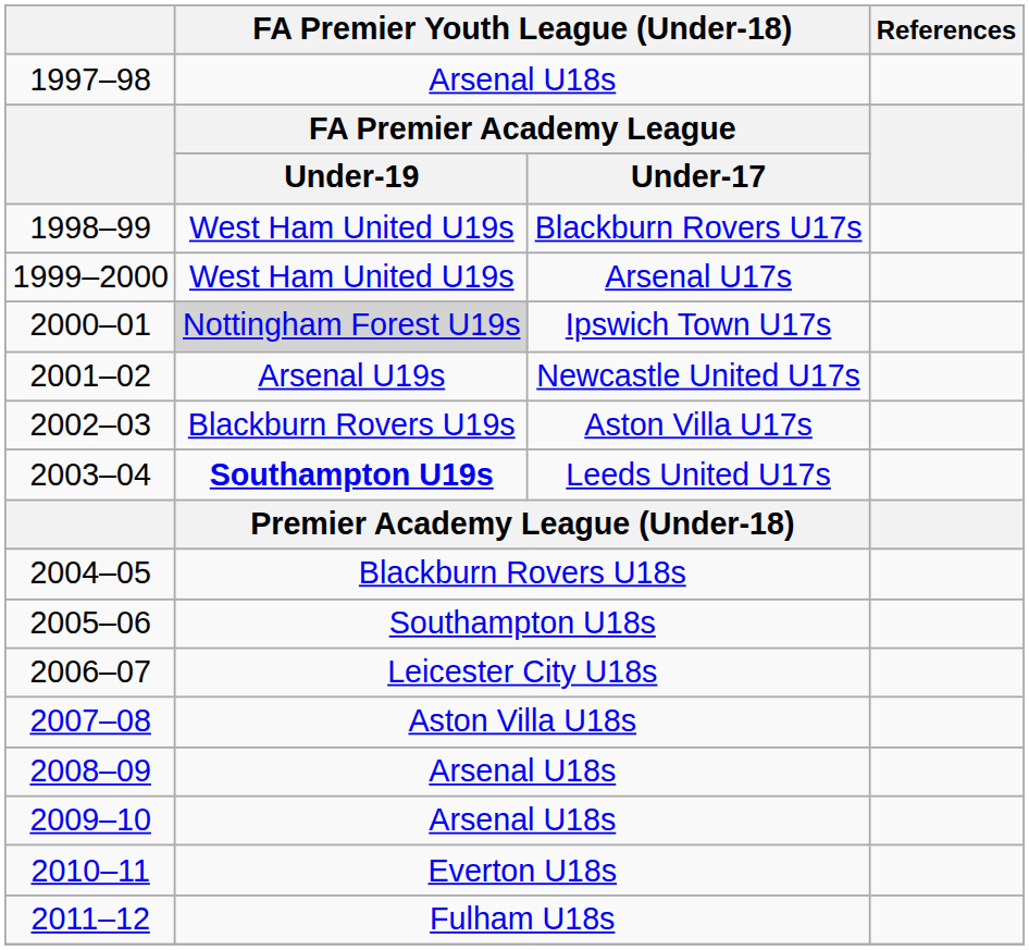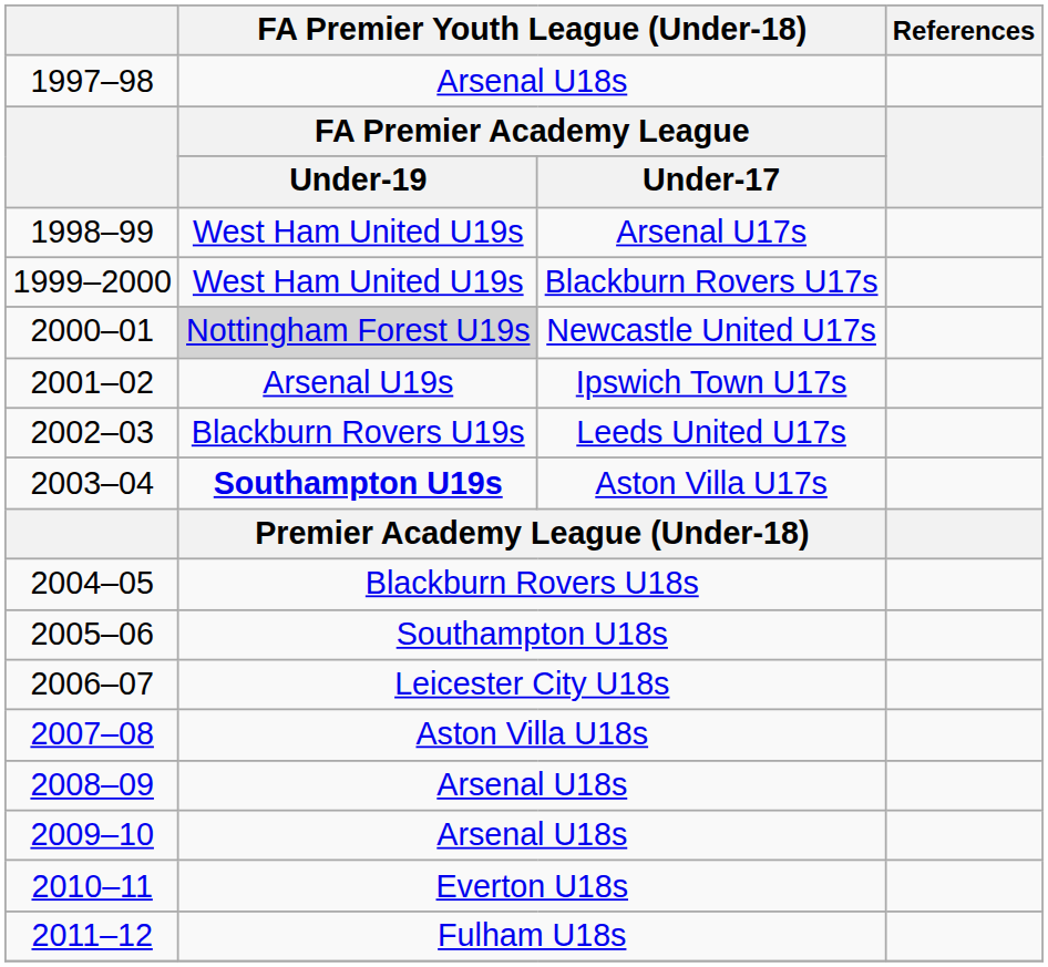 <table class="wikitable" style="text-align: center">
 <tr>
 <th> </th>
 <th colspan=2>FA Premier Youth League (Under-18)</th>
 <th><small>References</small></th>
 </tr>
 <tr>
 <td>1997–98</td>
 <td colspan=2><a href='#'>Arsenal U18s</a></td>
 <td></td>
 </tr>
 <tr>
 <th rowspan=2> </th>
 <th colspan=2>FA Premier Academy League</th>
 <th rowspan=2> </th>
 </tr>
 <tr>
 <th>Under-19</th>
 <th>Under-17</th>
 </tr>
 <tr>
 <td>1998–99</td>
 <td><a href='#'>West Ham United U19s</a></td>
-<td><a href='#'>Blackburn Rovers U17s</a></td>
+<td><a href='#'>Arsenal U17s</a></td>
 <td></td>
 </tr>
 <tr>
 <td>1999–2000</td>
 <td><a href='#'>West Ham United U19s</a></td>
-<td><a href='#'>Arsenal U17s</a></td>
+<td><a href='#'>Blackburn Rovers U17s</a></td>
 <td></td>
 </tr>
 <tr>
 <td>2000–01</td>
 <td style="background: lightgrey;"><a href='#'>Nottingham Forest U19s</a></td>
-<td><a href='#'>Ipswich Town U17s</a></td>
+<td><a href='#'>Newcastle United U17s</a></td>
 <td></td>
 </tr>
 <tr>
 <td>2001–02</td>
 <td><a href='#'>Arsenal U19s</a></td>
-<td><a href='#'>Newcastle United U17s</a></td>
+<td><a href='#'>Ipswich Town U17s</a></td>
 <td></td>
 </tr>
 <tr>
 <td>2002–03</td>
 <td><a href='#'>Blackburn Rovers U19s</a></td>
-<td><a href='#'>Aston Villa U17s</a></td>
+<td><a href='#'>Leeds United U17s</a></td>
 <td></td>
 </tr>
 <tr>
 <td>2003–04</td>
 <td><strong><a href='#'>Southampton U19s</a></strong></td>
-<td><a href='#'>Leeds United U17s</a></td>
+<td><a href='#'>Aston Villa U17s</a></td>
 <td></td>
 </tr>
 <tr>
 <th> </th>
 <th colspan=2>Premier Academy League (Under-18)</th>
 <th> </th>
 </tr>
 <tr>
 <td>2004–05</td>
 <td colspan=2><a href='#'>Blackburn Rovers U18s</a></td>
 <td></td>
 </tr>
 <tr>
 <td>2005–06</td>
 <td colspan=2><a href='#'>Southampton U18s</a></td>
 <td></td>
 </tr>
 <tr>
 <td>2006–07</td>
 <td colspan=2><a href='#'>Leicester City U18s</a></td>
 <td></td>
 </tr>
 <tr>
 <td><a href='#'>2007–08</a></td>
 <td colspan=2><a href='#'>Aston Villa U18s</a></td>
 <td></td>
 </tr>
 <tr>
 <td><a href='#'>2008–09</a></td>
 <td colspan=2><a href='#'>Arsenal U18s</a></td>
 <td></td>
 </tr>
 <tr>
 <td><a href='#'>2009–10</a></td>
 <td colspan=2><a href='#'>Arsenal U18s</a></td>
 <td></td>
 </tr>
 <tr>
 <td><a href='#'>2010–11</a></td>
 <td colspan=2><a href='#'>Everton U18s</a></td>
 <td></td>
 </tr>
 <tr>
 <td><a href='#'>2011–12</a></td>
 <td colspan=2><a href='#'>Fulham U18s</a></td>
 <td></td>
 </tr>
 <tr>
 </tr>
 </table>
